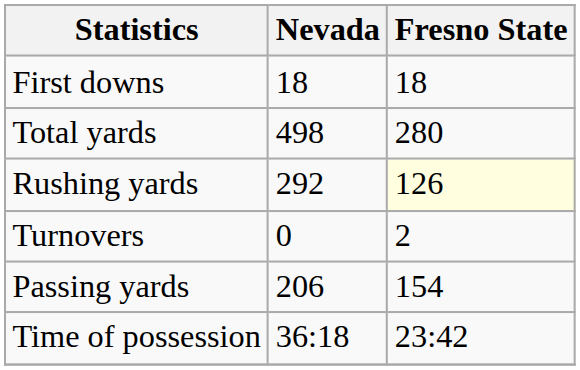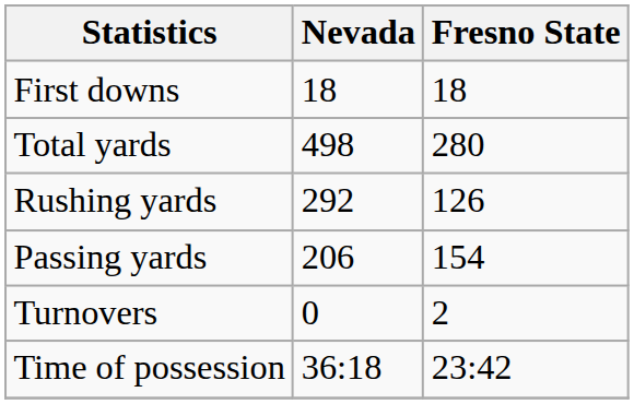 <table class="wikitable">
 <tr>
 <th>Statistics</th>
 <th>Nevada</th>
 <th>Fresno State</th>
 </tr>
 <tr>
 <td>First downs</td>
 <td>18</td>
 <td>18</td>
 </tr>
 <tr>
 <td>Total yards</td>
 <td>498</td>
 <td>280</td>
 </tr>
 <tr>
 <td>Rushing yards</td>
 <td>292</td>
-<td style="background: lightyellow;">126</td>
+<td>126</td>
+</tr>
+<tr>
+<td>Passing yards</td>
+<td>206</td>
+<td>154</td>
 </tr>
 <tr>
 <td>Turnovers</td>
 <td>0</td>
 <td>2</td>
-</tr>
-<tr>
-<td>Passing yards</td>
-<td>206</td>
-<td>154</td>
 </tr>
 <tr>
 <td>Time of possession</td>
 <td>36:18</td>
 <td>23:42</td>
 </tr>
 <tr>
 </tr>
 </table>
